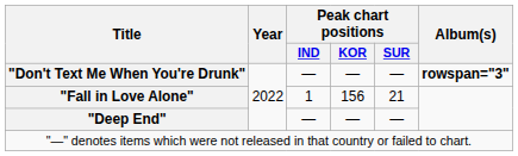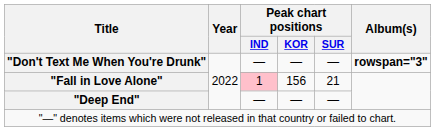 <table class="wikitable plainrowheaders" style="text-align:center;">
 <tr>
 <th scope="col" rowspan="2">Title</th>
 <th scope="col" rowspan="2">Year</th>
 <th colspan="3" scope="col" style="width:1em;">Peak chart positions</th>
 <th scope="col" rowspan="2">Album(s)</th>
 </tr>
 <tr>
 <th scope="col" style="width:3em;font-size:90%;"><a href='#'>IND</a><br></th>
 <th scope="col" style="width:3em;font-size:90%;"><a href='#'>KOR</a><br></th>
 <th scope="col" style="width:3em;font-size:90%;"><a href='#'>SUR</a><br></th>
 </tr>
 <tr>
 <th scope="row">"Don't Text Me When You're Drunk"</th>
 <td rowspan="3">2022</td>
 <td>—</td>
 <td>—</td>
 <td>—</td>
 <td><strong>rowspan="3" </strong></td>
 </tr>
 <tr>
 <th scope="row">"Fall in Love Alone"</th>
-<td>1</td>
+<td style="background: pink;">1</td>
 <td>156</td>
 <td>21</td>
 </tr>
 <tr>
 <th scope="row">"Deep End"</th>
 <td>—</td>
 <td>—</td>
 <td>—</td>
 </tr>
 <tr>
 <td colspan="6" style="font-size:90%;">"—" denotes items which were not released in that country or failed to chart.</td>
 </tr>
 </table>
